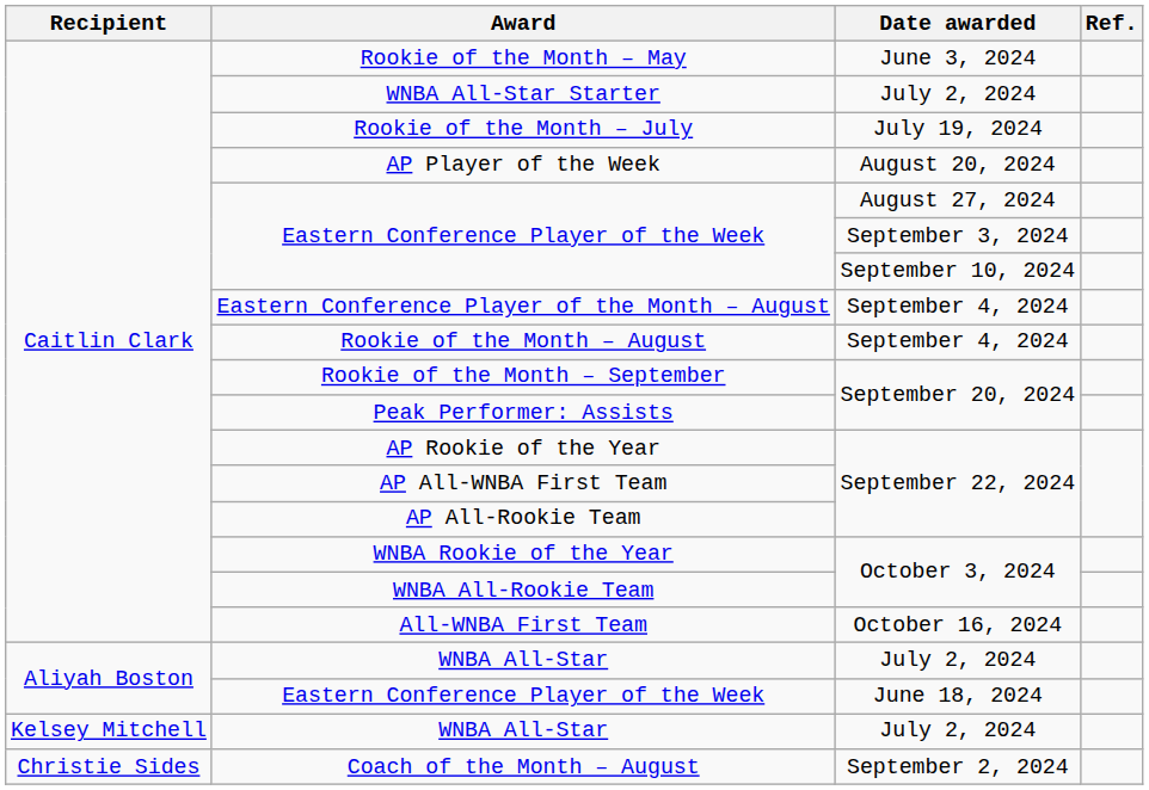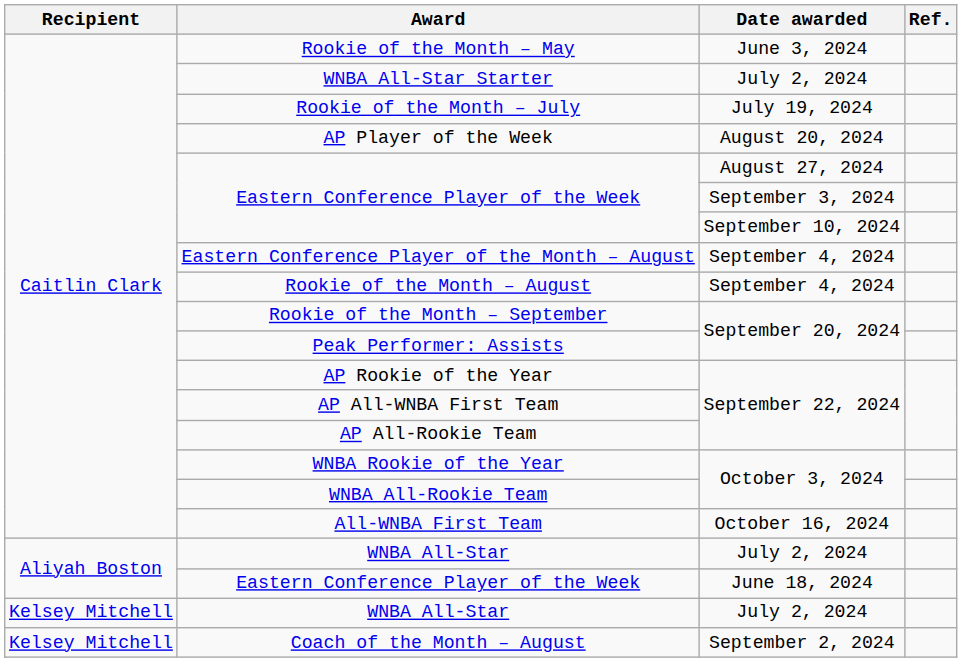 <table class="wikitable sortable sortable" style="text-align: center">
 <tr>
 <th>Recipient</th>
 <th>Award</th>
 <th>Date awarded</th>
 <th>Ref.</th>
 </tr>
 <tr>
 <td rowspan=17><a href='#'>Caitlin Clark</a></td>
 <td><a href='#'>Rookie of the Month – May</a></td>
 <td>June 3, 2024</td>
 <td></td>
 </tr>
 <tr>
 <td><a href='#'>WNBA All-Star Starter</a></td>
 <td>July 2, 2024</td>
 <td></td>
 </tr>
 <tr>
 <td><a href='#'>Rookie of the Month – July</a></td>
 <td>July 19, 2024</td>
 <td></td>
 </tr>
 <tr>
 <td><a href='#'>AP</a> Player of the Week</td>
 <td>August 20, 2024</td>
 <td></td>
 </tr>
 <tr>
 <td rowspan=3><a href='#'>Eastern Conference Player of the Week</a></td>
 <td>August 27, 2024</td>
 <td></td>
 </tr>
 <tr>
 <td>September 3, 2024</td>
 <td></td>
 </tr>
 <tr>
 <td>September 10, 2024</td>
 <td></td>
 </tr>
 <tr>
 <td><a href='#'>Eastern Conference Player of the Month – August</a></td>
 <td>September 4, 2024</td>
 <td></td>
 </tr>
 <tr>
 <td><a href='#'>Rookie of the Month – August</a></td>
 <td>September 4, 2024</td>
 <td></td>
 </tr>
 <tr>
 <td><a href='#'>Rookie of the Month – September</a></td>
 <td rowspan=2>September 20, 2024</td>
 <td></td>
 </tr>
 <tr>
 <td><a href='#'>Peak Performer: Assists</a></td>
 <td></td>
 </tr>
 <tr>
 <td><a href='#'>AP</a> Rookie of the Year</td>
 <td rowspan=3>September 22, 2024</td>
 <td rowspan=3></td>
 </tr>
 <tr>
 <td><a href='#'>AP</a> All-WNBA First Team</td>
 </tr>
 <tr>
 <td><a href='#'>AP</a> All-Rookie Team</td>
 </tr>
 <tr>
 <td><a href='#'>WNBA Rookie of the Year</a></td>
 <td rowspan=2>October 3, 2024</td>
 <td></td>
 </tr>
 <tr>
 <td><a href='#'>WNBA All-Rookie Team</a></td>
 <td></td>
 </tr>
 <tr>
 <td><a href='#'>All-WNBA First Team</a></td>
 <td>October 16, 2024</td>
 <td></td>
 </tr>
 <tr>
 <td rowspan=2><a href='#'>Aliyah Boston</a></td>
 <td><a href='#'>WNBA All-Star</a></td>
 <td>July 2, 2024</td>
 <td></td>
 </tr>
 <tr>
 <td><a href='#'>Eastern Conference Player of the Week</a></td>
 <td>June 18, 2024</td>
 <td></td>
 </tr>
 <tr>
 <td><a href='#'>Kelsey Mitchell</a></td>
 <td><a href='#'>WNBA All-Star</a></td>
 <td>July 2, 2024</td>
 <td></td>
 </tr>
 <tr>
-<td><a href='#'>Christie Sides</a></td>
+<td><a href='#'>Kelsey Mitchell</a></td>
 <td><a href='#'>Coach of the Month – August</a></td>
 <td>September 2, 2024</td>
 <td></td>
 </tr>
 </table>
